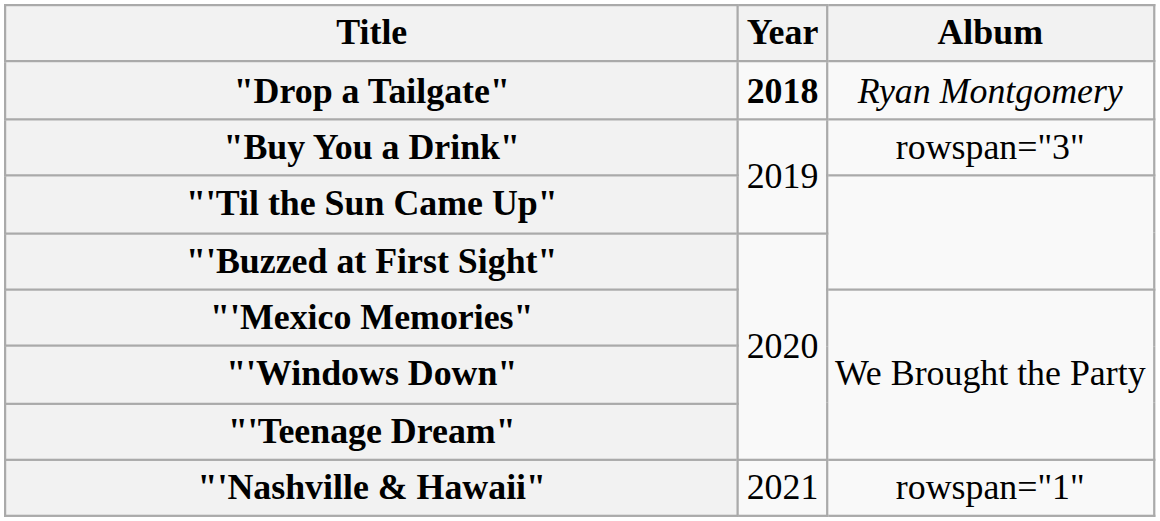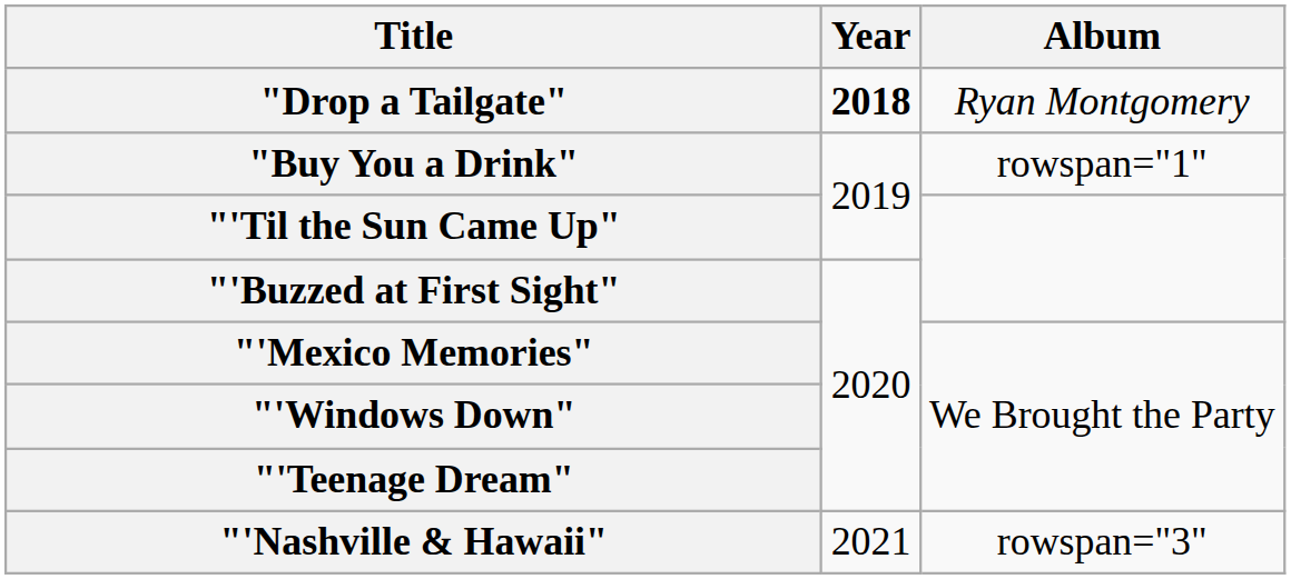 <table class="wikitable plainrowheaders" style="text-align:center;">
 <tr>
 <th scope="col" style="width:20em;">Title</th>
 <th scope="col">Year</th>
 <th scope="col">Album</th>
 </tr>
 <tr>
 <th scope="row">"Drop a Tailgate"</th>
 <td><strong>2018</strong></td>
 <td><em>Ryan Montgomery</em></td>
 </tr>
 <tr>
 <th scope="row">"Buy You a Drink"</th>
 <td rowspan="2">2019</td>
-<td>rowspan="3" </td>
+<td>rowspan="1" </td>
 </tr>
 <tr>
 <th scope="row">"'Til the Sun Came Up"</th>
 </tr>
 <tr>
 <th scope="row">"'Buzzed at First Sight"</th>
 <td rowspan="4">2020</td>
 </tr>
 <tr>
 <th scope="row">"'Mexico Memories"</th>
 <td rowspan="3">We Brought the Party</td>
 </tr>
 <tr>
 <th scope="row">"'Windows Down"</th>
 </tr>
 <tr>
 <th scope="row">"'Teenage Dream"</th>
 </tr>
 <tr>
 <th scope="row">"'Nashville & Hawaii"</th>
 <td rowspan="1">2021</td>
-<td>rowspan="1" </td>
+<td>rowspan="3" </td>
 </tr>
 </table>
